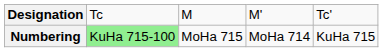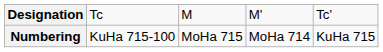 <table class="wikitable">
 <tr>
 <th>Designation</th>
 <td>Tc</td>
 <td>M</td>
 <td>M'</td>
 <td>Tc'</td>
 </tr>
 <tr>
 <th>Numbering</th>
-<td style="background: lightgreen;">KuHa 715-100</td>
+<td>KuHa 715-100</td>
 <td>MoHa 715</td>
 <td>MoHa 714</td>
 <td>KuHa 715</td>
 </tr>
 </table>
